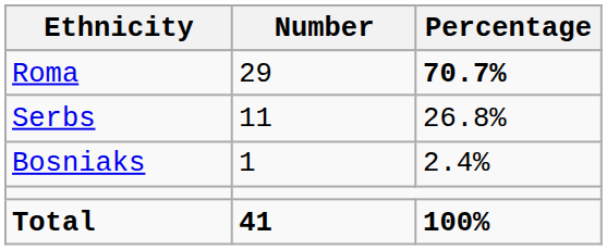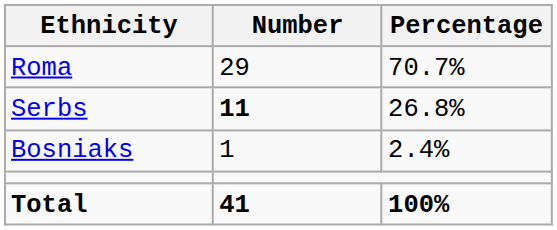 <table class="wikitable">
 <tr>
 <th width="100px">Ethnicity</th>
 <th width="80px">Number</th>
 <th width="80px">Percentage</th>
 </tr>
 <tr>
 <td><a href='#'>Roma</a></td>
 <td>29</td>
-<td><strong>70.7%</strong></td>
+<td>70.7%</td>
 </tr>
 <tr>
 <td><a href='#'>Serbs</a></td>
-<td>11</td>
+<td><strong>11</strong></td>
 <td>26.8%</td>
 </tr>
 <tr>
 <td><a href='#'>Bosniaks</a></td>
 <td>1</td>
 <td>2.4%</td>
 </tr>
 <tr>
 <td></td>
 </tr>
 <tr>
 <td><strong>Total</strong></td>
 <td><strong>41</strong></td>
 <td><strong>100%</strong></td>
 </tr>
 </table>
